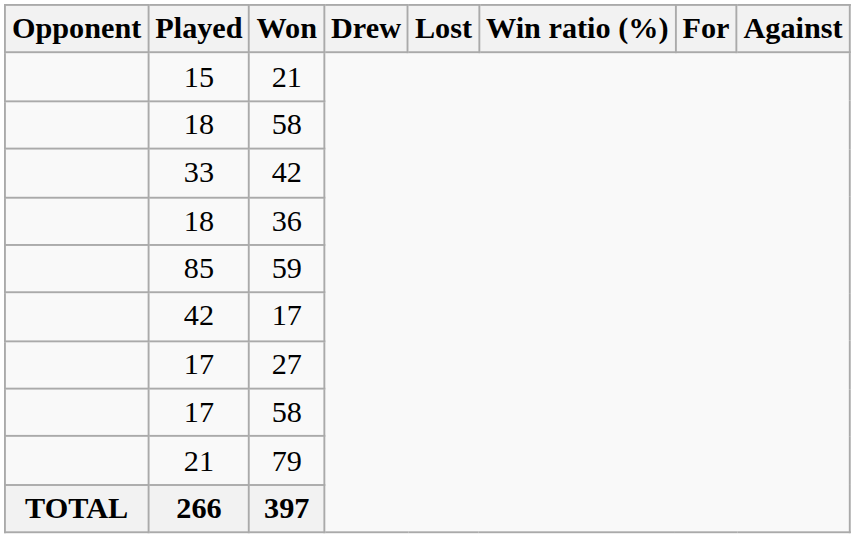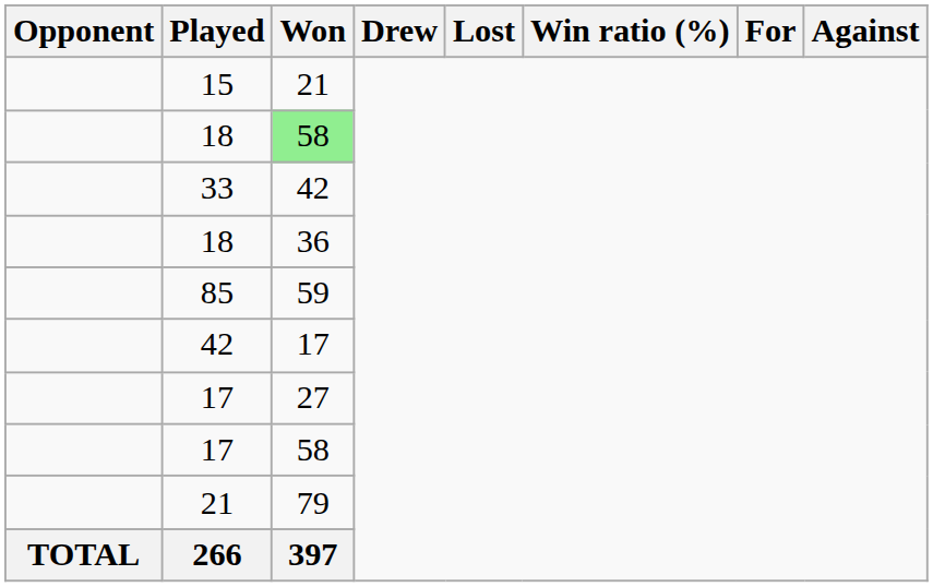 <table class="wikitable sortable">
 <tr>
 <th>Opponent</th>
 <th>Played</th>
 <th>Won</th>
 <th>Drew</th>
 <th>Lost</th>
 <th>Win ratio (%)</th>
 <th>For</th>
 <th>Against</th>
 </tr>
 <tr align=center>
 <td align=left><br></td>
 <td>15</td>
 <td>21</td>
 </tr>
 <tr align=center>
 <td align=left><br></td>
 <td>18</td>
-<td>58</td>
+<td style="background: lightgreen;">58</td>
 </tr>
 <tr align=center>
 <td align=left><br></td>
 <td>33</td>
 <td>42</td>
 </tr>
 <tr align=center>
 <td align=left><br></td>
 <td>18</td>
 <td>36</td>
 </tr>
 <tr align=center>
 <td align=left><br></td>
 <td>85</td>
 <td>59</td>
 </tr>
 <tr align=center>
 <td align=left><br></td>
 <td>42</td>
 <td>17</td>
 </tr>
 <tr align=center>
 <td align=left><br></td>
 <td>17</td>
 <td>27</td>
 </tr>
 <tr align=center>
 <td align=left><br></td>
 <td>17</td>
 <td>58</td>
 </tr>
 <tr align=center>
 <td align=left><br></td>
 <td>21</td>
 <td>79</td>
 </tr>
 <tr>
 <th>TOTAL<br></th>
 <th>266</th>
 <th>397</th>
 </tr>
 </table>
